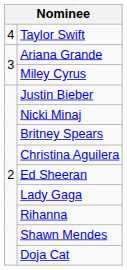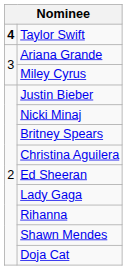 <table class="wikitable">
 <tr>
 <th colspan="2">Nominee</th>
 </tr>
 <tr>
-<td>4</td>
+<td><strong>4</strong></td>
 <td><a href='#'>Taylor Swift</a></td>
 </tr>
 <tr>
 <td rowspan="2">3</td>
 <td><a href='#'>Ariana Grande</a></td>
 </tr>
 <tr>
 <td><a href='#'>Miley Cyrus</a></td>
 </tr>
 <tr>
 <td rowspan="10">2</td>
 <td><a href='#'>Justin Bieber</a></td>
 </tr>
 <tr>
 <td><a href='#'>Nicki Minaj</a></td>
 </tr>
 <tr>
 <td><a href='#'>Britney Spears</a></td>
 </tr>
 <tr>
 <td><a href='#'>Christina Aguilera</a></td>
 </tr>
 <tr>
 <td><a href='#'>Ed Sheeran</a></td>
 </tr>
 <tr>
 <td><a href='#'>Lady Gaga</a></td>
 </tr>
 <tr>
 <td><a href='#'>Rihanna</a></td>
 </tr>
 <tr>
 <td><a href='#'>Shawn Mendes</a></td>
 </tr>
 <tr>
 <td><a href='#'>Doja Cat</a></td>
 </tr>
 </table>
